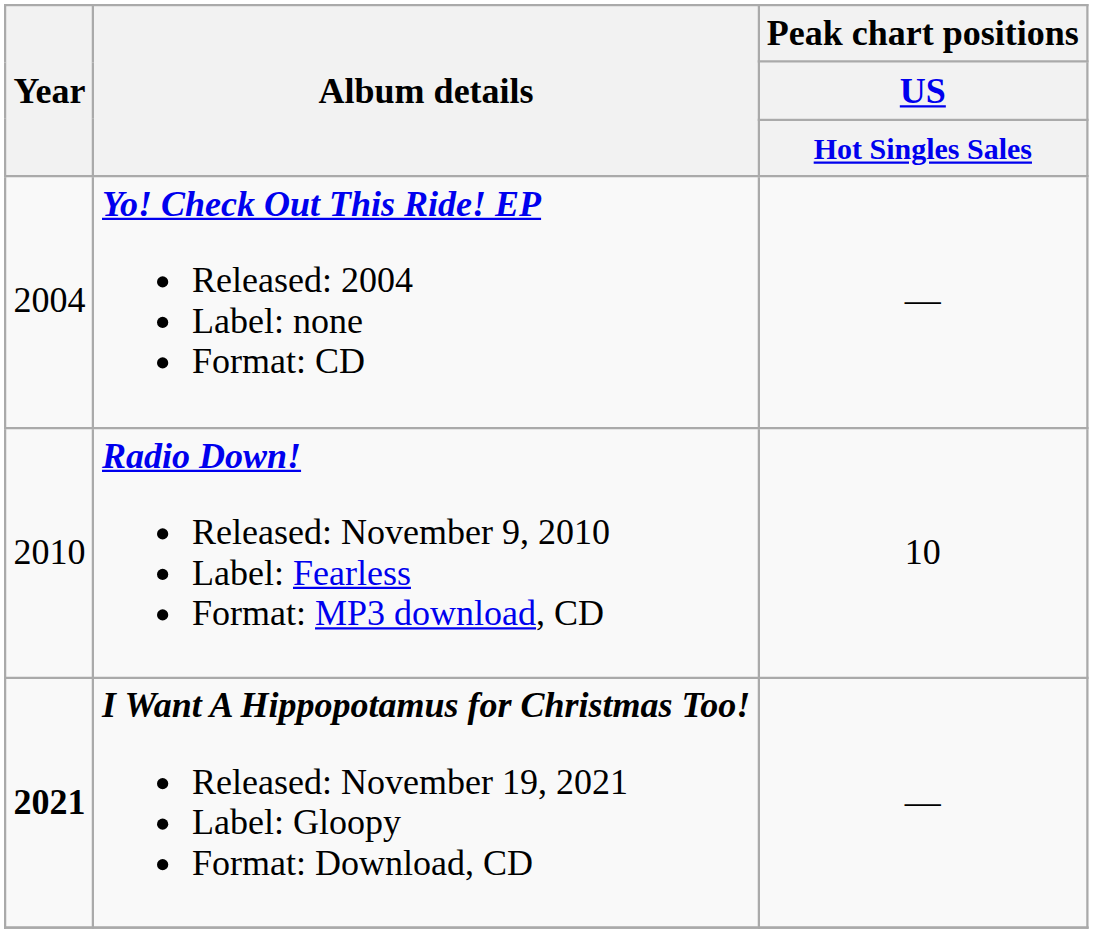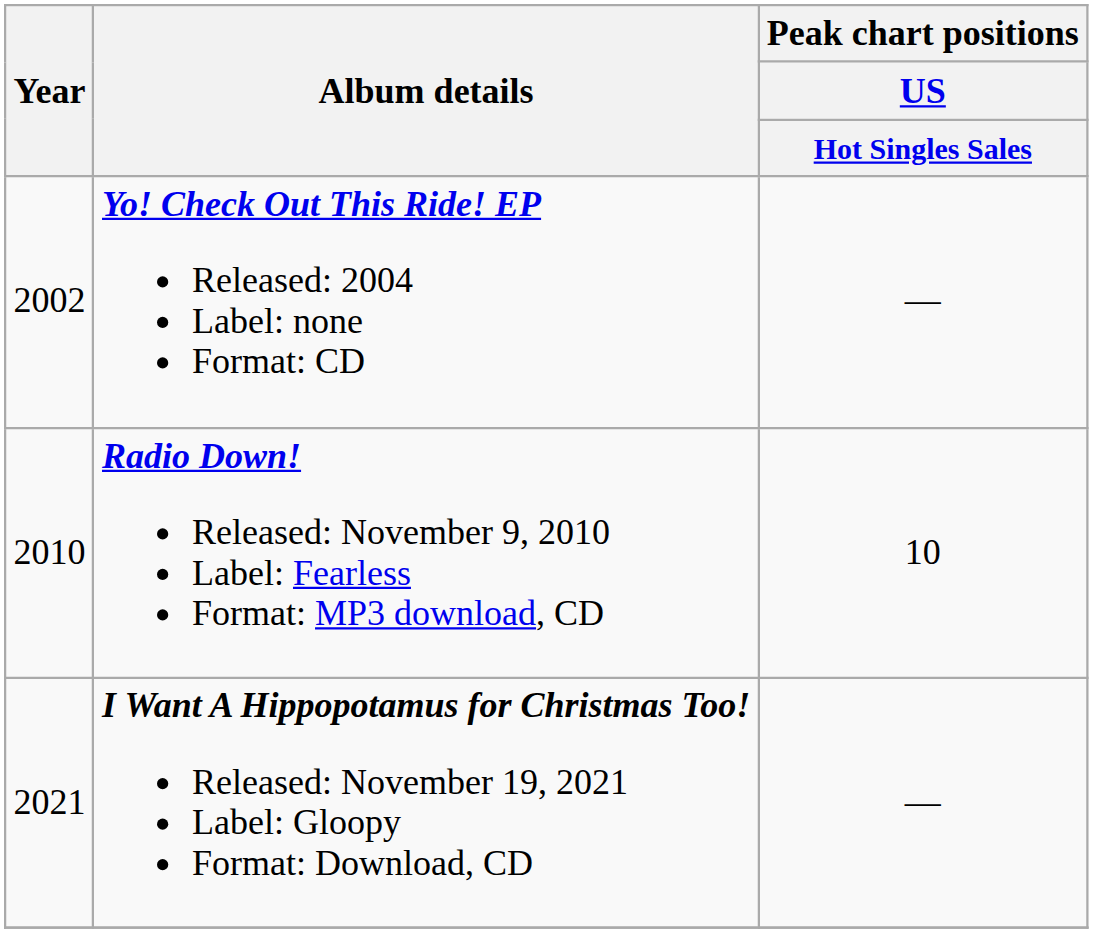 <table class="wikitable">
 <tr>
 <th rowspan="3">Year</th>
 <th rowspan="3">Album details</th>
 <th colspan="5">Peak chart positions</th>
 </tr>
 <tr>
 <th colspan="5" align="center"><a href='#'>US</a></th>
 </tr>
 <tr>
 <th><small><a href='#'>Hot Singles Sales</a></small></th>
 </tr>
 <tr>
-<td>2004</td>
+<td>2002</td>
 <td><strong><em><a href='#'>Yo! Check Out This Ride! EP</a></em></strong><br><ul><li>Released: 2004</li><li>Label: none</li><li>Format: CD</li></ul></td>
 <td align="center"> —</td>
 </tr>
 <tr>
 <td>2010</td>
 <td><strong><em><a href='#'>Radio Down!</a></em></strong><br><ul><li>Released: November 9, 2010</li><li>Label: <a href='#'>Fearless</a></li><li>Format: <a href='#'>MP3 download</a>, CD</li></ul></td>
 <td align="center"> 10</td>
 </tr>
 <tr>
-<td><strong>2021</strong></td>
+<td>2021</td>
 <td><strong><em>I Want A Hippopotamus for Christmas Too!</em></strong><br><ul><li>Released: November 19, 2021</li><li>Label: Gloopy</li><li>Format: Download, CD</li></ul></td>
 <td align="center"> —</td>
 </tr>
 <tr>
 </tr>
 </table>
